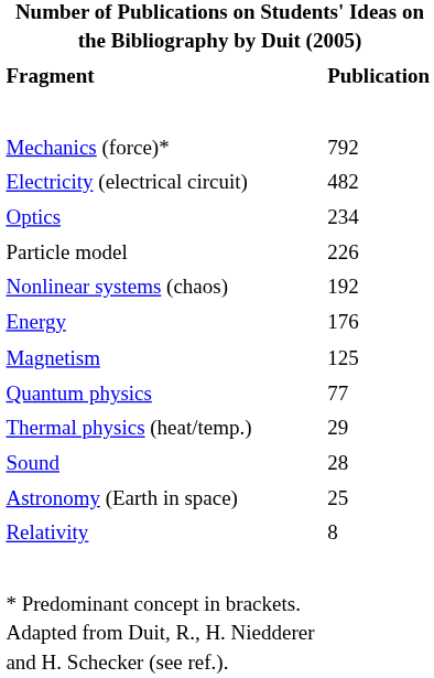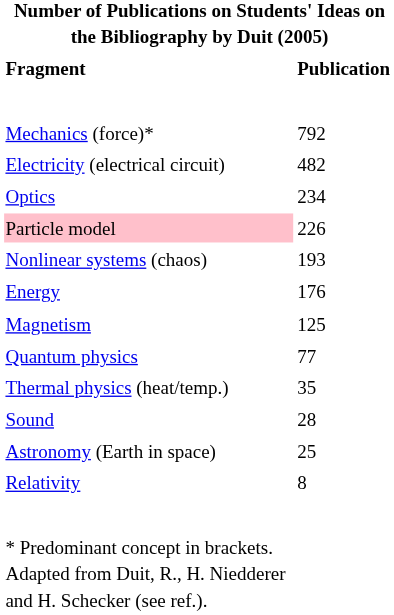 <table class="toccolours" style="float:right; margin-left:1em; font-size:90%; line-height:1.4em; width:300px;">
 <tr>
 <th colspan="2" style="text-align: center;"><strong>Number of Publications on Students' Ideas on the Bibliography by Duit (2005)</strong></th>
 </tr>
 <tr>
 <td><strong>Fragment</strong></td>
 <td><strong>Publication</strong></td>
 </tr>
 <tr>
 <td colspan="2"><br></td>
 </tr>
 <tr>
 <td><a href='#'>Mechanics</a> (force)*</td>
 <td>792</td>
 </tr>
 <tr>
 <td><a href='#'>Electricity</a> (electrical circuit)</td>
 <td>482</td>
 </tr>
 <tr>
 <td><a href='#'>Optics</a></td>
 <td>234</td>
 </tr>
 <tr>
-<td>Particle model</td>
+<td style="background: pink;">Particle model</td>
 <td>226</td>
 </tr>
 <tr>
 <td><a href='#'>Nonlinear systems</a> (chaos)</td>
-<td>192</td>
+<td>193</td>
 </tr>
 <tr>
 <td><a href='#'>Energy</a></td>
 <td>176</td>
 </tr>
 <tr>
 <td><a href='#'>Magnetism</a></td>
 <td>125</td>
 </tr>
 <tr>
 <td><a href='#'>Quantum physics</a></td>
 <td>77</td>
 </tr>
 <tr>
 <td><a href='#'>Thermal physics</a> (heat/temp.)</td>
-<td>29</td>
+<td>35</td>
 </tr>
 <tr>
 <td><a href='#'>Sound</a></td>
 <td>28</td>
 </tr>
 <tr>
 <td><a href='#'>Astronomy</a> (Earth in space)</td>
 <td>25</td>
 </tr>
 <tr>
 <td><a href='#'>Relativity</a></td>
 <td>8</td>
 </tr>
 <tr>
 <td colspan="2"><br></td>
 </tr>
 <tr>
 <td>* Predominant concept in brackets.<br>Adapted from Duit, R., H. Niedderer and H. Schecker (see ref.).</td>
 </tr>
 </table>
